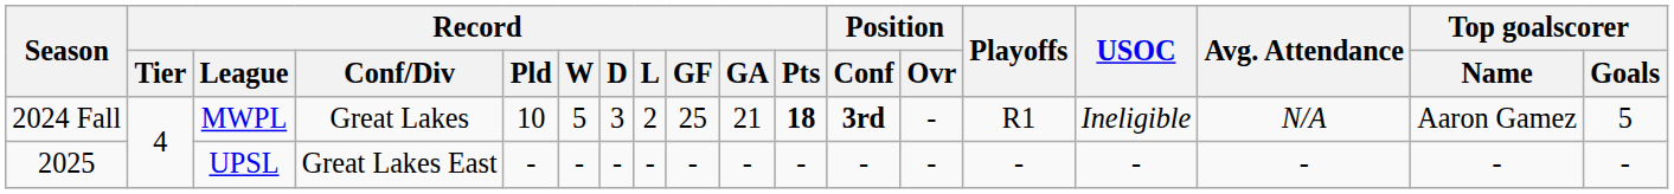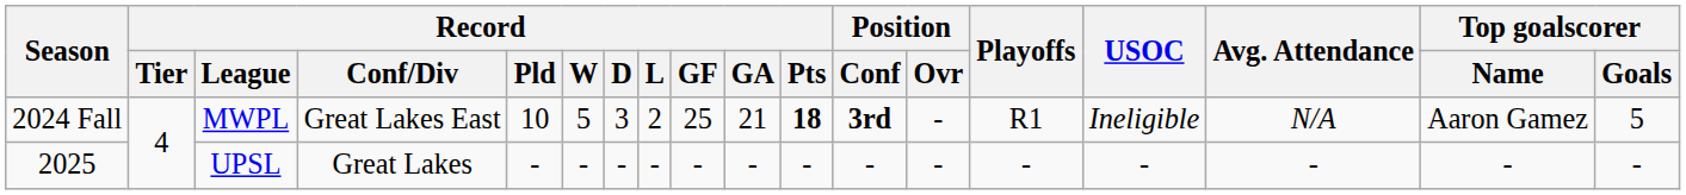 <table class="wikitable" style="text-align:center">
 <tr>
 <th rowspan=2>Season</th>
 <th colspan=10>Record</th>
 <th colspan=2>Position</th>
 <th rowspan=2>Playoffs</th>
 <th rowspan=2><a href='#'>USOC</a></th>
 <th rowspan=2>Avg. Attendance</th>
 <th colspan=2>Top goalscorer</th>
 </tr>
 <tr>
 <th>Tier</th>
 <th>League</th>
 <th>Conf/Div</th>
 <th>Pld</th>
 <th>W</th>
 <th>D</th>
 <th>L</th>
 <th>GF</th>
 <th>GA</th>
 <th>Pts</th>
 <th>Conf</th>
 <th>Ovr</th>
 <th>Name</th>
 <th>Goals</th>
 </tr>
 <tr>
 <td>2024 Fall</td>
 <td rowspan=2>4</td>
 <td><a href='#'>MWPL</a></td>
-<td>Great Lakes</td>
+<td>Great Lakes East</td>
 <td>10</td>
 <td>5</td>
 <td>3</td>
 <td>2</td>
 <td>25</td>
 <td>21</td>
 <td><strong>18</strong></td>
 <td><strong>3rd</strong></td>
 <td>-</td>
 <td>R1</td>
 <td><em>Ineligible</em></td>
 <td><em>N/A</em></td>
 <td rowspan="1" align="left"> Aaron Gamez</td>
 <td>5</td>
 </tr>
 <tr>
 <td>2025</td>
 <td><a href='#'>UPSL</a></td>
-<td>Great Lakes East</td>
+<td>Great Lakes</td>
 <td>-</td>
 <td>-</td>
 <td>-</td>
 <td>-</td>
 <td>-</td>
 <td>-</td>
 <td>-</td>
 <td>-</td>
 <td>-</td>
 <td>-</td>
 <td>-</td>
 <td>-</td>
 <td>-</td>
 <td>-</td>
 </tr>
 </table>
